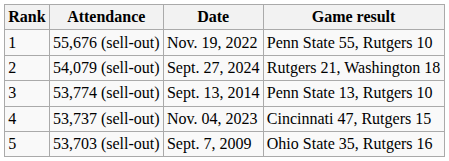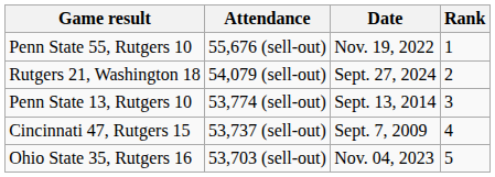 <table class="wikitable">
 <tr>
-<th>Rank</th>
+<th>Game result</th>
 <th>Attendance</th>
 <th>Date</th>
-<th>Game result</th>
+<th>Rank</th>
 </tr>
 <tr>
-<td>1</td>
+<td>Penn State 55, Rutgers 10</td>
 <td>55,676 (sell-out) </td>
 <td>Nov. 19, 2022</td>
-<td>Penn State 55, Rutgers 10</td>
+<td>1</td>
 </tr>
 <tr>
-<td>2</td>
+<td>Rutgers 21, Washington 18</td>
 <td>54,079 (sell-out)</td>
 <td>Sept. 27, 2024</td>
-<td>Rutgers 21, Washington 18</td>
+<td>2</td>
 </tr>
 <tr>
-<td>3</td>
+<td>Penn State 13, Rutgers 10</td>
 <td>53,774 (sell-out)</td>
 <td>Sept. 13, 2014</td>
-<td>Penn State 13, Rutgers 10</td>
+<td>3</td>
 </tr>
 <tr>
+<td>Cincinnati 47, Rutgers 15</td>
+<td>53,737 (sell-out)</td>
+<td>Sept. 7, 2009</td>
 <td>4</td>
-<td>53,737 (sell-out)</td>
-<td>Nov. 04, 2023</td>
-<td>Cincinnati 47, Rutgers 15</td>
 </tr>
 <tr>
+<td>Ohio State 35, Rutgers 16</td>
+<td>53,703 (sell-out)</td>
+<td>Nov. 04, 2023</td>
 <td>5</td>
-<td>53,703 (sell-out)</td>
-<td>Sept. 7, 2009</td>
-<td>Ohio State 35, Rutgers 16</td>
 </tr>
 </table>
